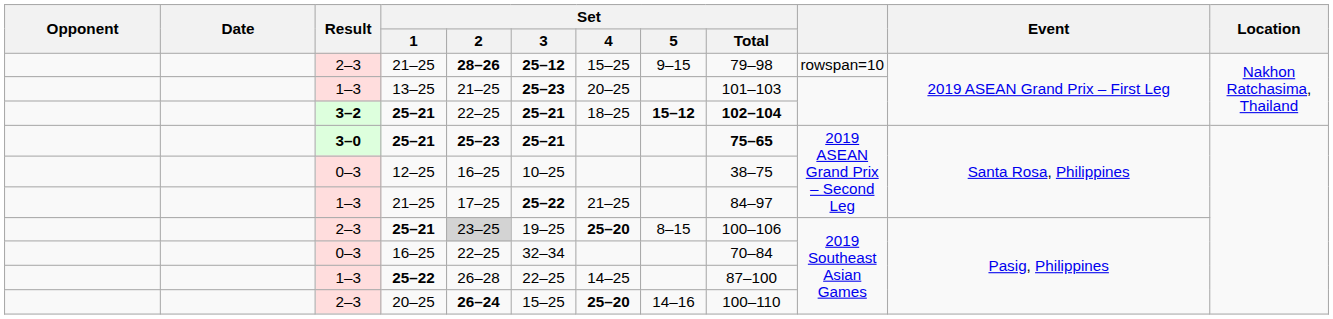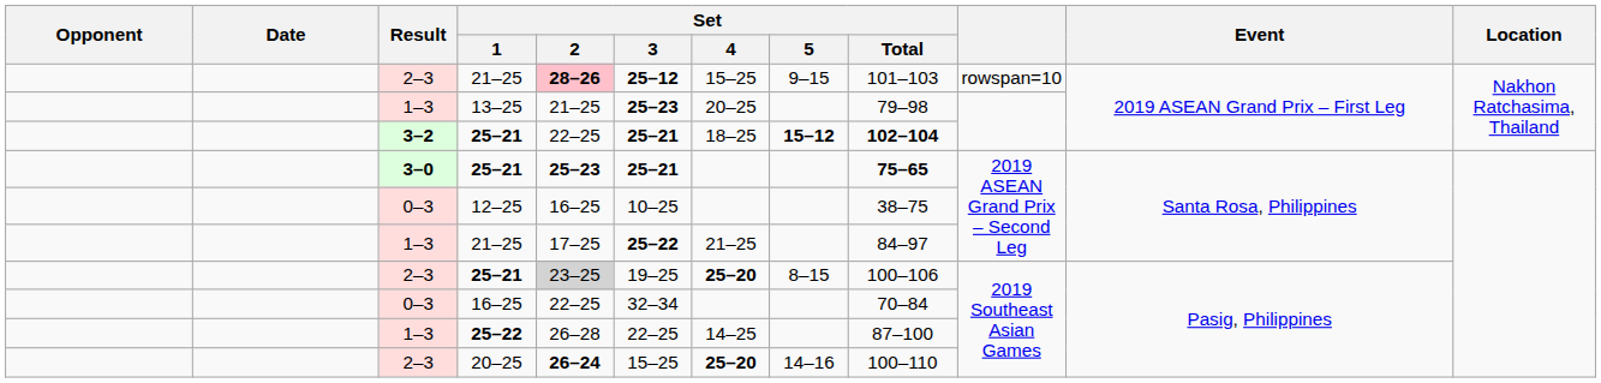 <table class="wikitable" style="font-size: 90%">
 <tr>
 <th rowspan=2 width=12%>Opponent</th>
 <th rowspan=2 width=12%>Date</th>
 <th rowspan=2 width=5%>Result</th>
 <th colspan=6>Set</th>
 <th rowspan=2 width=5%></th>
 <th rowspan=2 width=25%>Event</th>
 <th rowspan=2 width=15%>Location</th>
 </tr>
 <tr>
 <th width=5%>1</th>
 <th width=5%>2</th>
 <th width=5%>3</th>
 <th width=5%>4</th>
 <th width=5%>5</th>
 <th width=7%>Total</th>
 </tr>
 <tr style="text-align:center;">
 <td style="text-align:left;"></td>
 <td></td>
 <td style="background:#ffdddd;">2–3</td>
 <td>21–25</td>
-<td><strong>28–26</strong></td>
+<td style="background: pink;"><strong>28–26</strong></td>
 <td><strong>25–12</strong></td>
 <td>15–25</td>
 <td>9–15</td>
-<td>79–98</td>
+<td>101–103</td>
 <td>rowspan=10 </td>
 <td rowspan=3><a href='#'>2019 ASEAN Grand Prix – First Leg</a></td>
 <td rowspan=3><a href='#'>Nakhon Ratchasima</a>, <a href='#'>Thailand</a></td>
 </tr>
 <tr style="text-align:center;">
 <td style="text-align:left;"></td>
 <td></td>
 <td style="background:#ffdddd;">1–3</td>
 <td>13–25</td>
 <td>21–25</td>
 <td><strong>25–23</strong></td>
 <td>20–25</td>
 <td></td>
-<td>101–103</td>
+<td>79–98</td>
 </tr>
 <tr style="text-align:center;">
 <td style="text-align:left;"></td>
 <td></td>
 <td style="background:#ddffdd;"><strong>3–2</strong></td>
 <td><strong>25–21</strong></td>
 <td>22–25</td>
 <td><strong>25–21</strong></td>
 <td>18–25</td>
 <td><strong>15–12</strong></td>
 <td><strong>102–104</strong></td>
 </tr>
 <tr style="text-align:center;">
 <td style="text-align:left;"></td>
 <td></td>
 <td style="background:#ddffdd;"><strong>3–0</strong></td>
 <td><strong>25–21</strong></td>
 <td><strong>25–23</strong></td>
 <td><strong>25–21</strong></td>
 <td></td>
 <td></td>
 <td><strong>75–65</strong></td>
 <td rowspan=3><a href='#'>2019 ASEAN Grand Prix – Second Leg</a></td>
 <td rowspan=3><a href='#'>Santa Rosa</a>, <a href='#'>Philippines</a></td>
 </tr>
 <tr style="text-align:center;">
 <td style="text-align:left;"></td>
 <td></td>
 <td style="background:#ffdddd;">0–3</td>
 <td>12–25</td>
 <td>16–25</td>
 <td>10–25</td>
 <td></td>
 <td></td>
 <td>38–75</td>
 </tr>
 <tr style="text-align:center;">
 <td style="text-align:left;"></td>
 <td></td>
 <td style="background:#ffdddd;">1–3</td>
 <td>21–25</td>
 <td>17–25</td>
 <td><strong>25–22</strong></td>
 <td>21–25</td>
 <td></td>
 <td>84–97</td>
 </tr>
 <tr style="text-align:center;">
 <td style="text-align:left;"></td>
 <td></td>
 <td style="background:#ffdddd;">2–3</td>
 <td><strong>25–21</strong></td>
 <td style="background: lightgrey;">23–25</td>
 <td>19–25</td>
 <td><strong>25–20</strong></td>
 <td>8–15</td>
 <td>100–106</td>
 <td rowspan=4 align=center><a href='#'>2019 Southeast Asian Games</a></td>
 <td rowspan=4 align=center><a href='#'>Pasig</a>, <a href='#'>Philippines</a></td>
 </tr>
 <tr style="text-align:center;">
 <td style="text-align:left;"></td>
 <td></td>
 <td style="background:#ffdddd;">0–3</td>
 <td>16–25</td>
 <td>22–25</td>
 <td>32–34</td>
 <td></td>
 <td></td>
 <td>70–84</td>
 </tr>
 <tr style="text-align:center;">
 <td style="text-align:left;"></td>
 <td></td>
 <td style="background:#ffdddd;">1–3</td>
 <td><strong>25–22</strong></td>
 <td>26–28</td>
 <td>22–25</td>
 <td>14–25</td>
 <td></td>
 <td>87–100</td>
 </tr>
 <tr style="text-align:center;">
 <td style="text-align:left;"></td>
 <td></td>
 <td style="background:#ffdddd;">2–3</td>
 <td>20–25</td>
 <td><strong>26–24</strong></td>
 <td>15–25</td>
 <td><strong>25–20</strong></td>
 <td>14–16</td>
 <td>100–110</td>
 </tr>
 </table>
